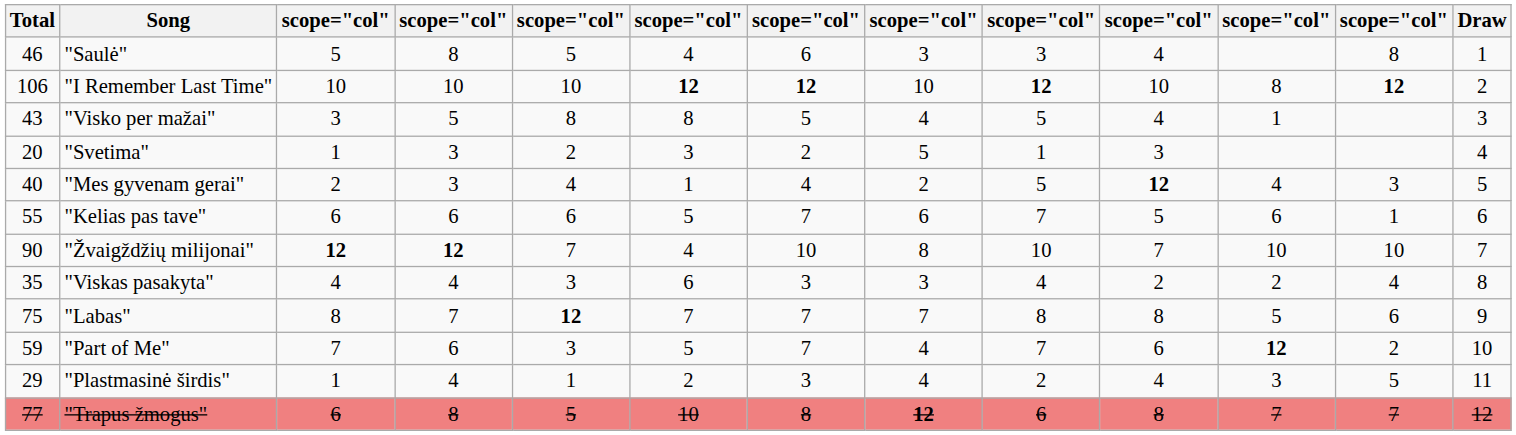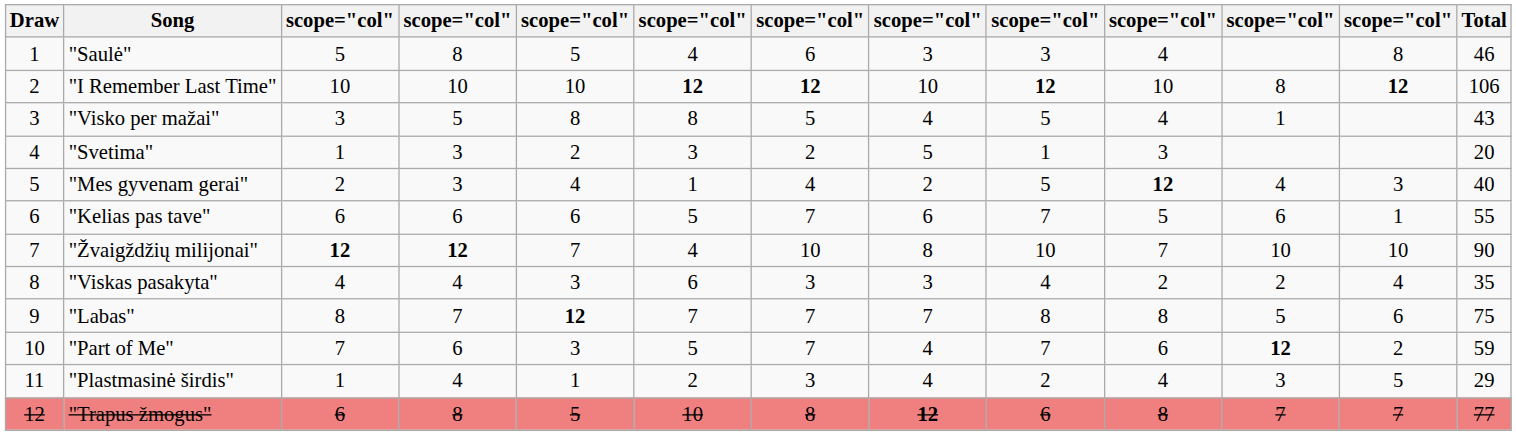 <table class="wikitable collapsible" style="margin: 1em auto 1em auto; text-align:center">
 <tr>
-<th>Total</th>
+<th>Draw</th>
 <th>Song</th>
 <th>scope="col" </th>
 <th>scope="col" </th>
 <th>scope="col" </th>
 <th>scope="col" </th>
 <th>scope="col" </th>
 <th>scope="col" </th>
 <th>scope="col" </th>
 <th>scope="col" </th>
 <th>scope="col" </th>
 <th>scope="col" </th>
-<th>Draw</th>
+<th>Total</th>
 </tr>
 <tr>
-<td>46</td>
+<td>1</td>
 <td align="left">"Saulė"</td>
 <td>5</td>
 <td>8</td>
 <td>5</td>
 <td>4</td>
 <td>6</td>
 <td>3</td>
 <td>3</td>
 <td>4</td>
 <td></td>
 <td>8</td>
-<td>1</td>
+<td>46</td>
 </tr>
 <tr>
-<td>106</td>
+<td>2</td>
 <td align="left">"I Remember Last Time"</td>
 <td>10</td>
 <td>10</td>
 <td>10</td>
 <td><strong>12</strong></td>
 <td><strong>12</strong></td>
 <td>10</td>
 <td><strong>12</strong></td>
 <td>10</td>
 <td>8</td>
 <td><strong>12</strong></td>
-<td>2</td>
+<td>106</td>
 </tr>
 <tr>
-<td>43</td>
+<td>3</td>
 <td align="left">"Visko per mažai"</td>
 <td>3</td>
 <td>5</td>
 <td>8</td>
 <td>8</td>
 <td>5</td>
 <td>4</td>
 <td>5</td>
 <td>4</td>
 <td>1</td>
 <td></td>
-<td>3</td>
+<td>43</td>
 </tr>
 <tr>
-<td>20</td>
+<td>4</td>
 <td align="left">"Svetima"</td>
 <td>1</td>
 <td>3</td>
 <td>2</td>
 <td>3</td>
 <td>2</td>
 <td>5</td>
 <td>1</td>
 <td>3</td>
 <td></td>
 <td></td>
-<td>4</td>
+<td>20</td>
 </tr>
 <tr>
-<td>40</td>
+<td>5</td>
 <td align="left">"Mes gyvenam gerai"</td>
 <td>2</td>
 <td>3</td>
 <td>4</td>
 <td>1</td>
 <td>4</td>
 <td>2</td>
 <td>5</td>
 <td><strong>12</strong></td>
 <td>4</td>
 <td>3</td>
-<td>5</td>
+<td>40</td>
 </tr>
 <tr>
-<td>55</td>
+<td>6</td>
 <td align="left">"Kelias pas tave"</td>
 <td>6</td>
 <td>6</td>
 <td>6</td>
 <td>5</td>
 <td>7</td>
 <td>6</td>
 <td>7</td>
 <td>5</td>
 <td>6</td>
 <td>1</td>
-<td>6</td>
+<td>55</td>
 </tr>
 <tr>
-<td>90</td>
+<td>7</td>
 <td align="left">"Žvaigždžių milijonai"</td>
 <td><strong>12</strong></td>
 <td><strong>12</strong></td>
 <td>7</td>
 <td>4</td>
 <td>10</td>
 <td>8</td>
 <td>10</td>
 <td>7</td>
 <td>10</td>
 <td>10</td>
-<td>7</td>
+<td>90</td>
 </tr>
 <tr>
-<td>35</td>
+<td>8</td>
 <td align="left">"Viskas pasakyta"</td>
 <td>4</td>
 <td>4</td>
 <td>3</td>
 <td>6</td>
 <td>3</td>
 <td>3</td>
 <td>4</td>
 <td>2</td>
 <td>2</td>
 <td>4</td>
-<td>8</td>
+<td>35</td>
 </tr>
 <tr>
-<td>75</td>
+<td>9</td>
 <td align="left">"Labas"</td>
 <td>8</td>
 <td>7</td>
 <td><strong>12</strong></td>
 <td>7</td>
 <td>7</td>
 <td>7</td>
 <td>8</td>
 <td>8</td>
 <td>5</td>
 <td>6</td>
-<td>9</td>
+<td>75</td>
 </tr>
 <tr>
-<td>59</td>
+<td>10</td>
 <td align="left">"Part of Me"</td>
 <td>7</td>
 <td>6</td>
 <td>3</td>
 <td>5</td>
 <td>7</td>
 <td>4</td>
 <td>7</td>
 <td>6</td>
 <td><strong>12</strong></td>
 <td>2</td>
-<td>10</td>
+<td>59</td>
 </tr>
 <tr>
-<td>29</td>
+<td>11</td>
 <td align="left">"Plastmasinė širdis"</td>
 <td>1</td>
 <td>4</td>
 <td>1</td>
 <td>2</td>
 <td>3</td>
 <td>4</td>
 <td>2</td>
 <td>4</td>
 <td>3</td>
 <td>5</td>
-<td>11</td>
+<td>29</td>
 </tr>
 <tr bgcolor="#F08080">
-<td><s>77</s></td>
+<td><s>12</s></td>
 <td align="left"><s>"Trapus žmogus"</s></td>
 <td><s>6</s></td>
 <td><s>8</s></td>
 <td><s>5</s></td>
 <td><s>10</s></td>
 <td><s>8</s></td>
 <td><strong><s>12</s></strong></td>
 <td><s>6</s></td>
 <td><s>8</s></td>
 <td><s>7</s></td>
 <td><s>7</s></td>
-<td><s>12</s></td>
+<td><s>77</s></td>
 </tr>
 </table>
